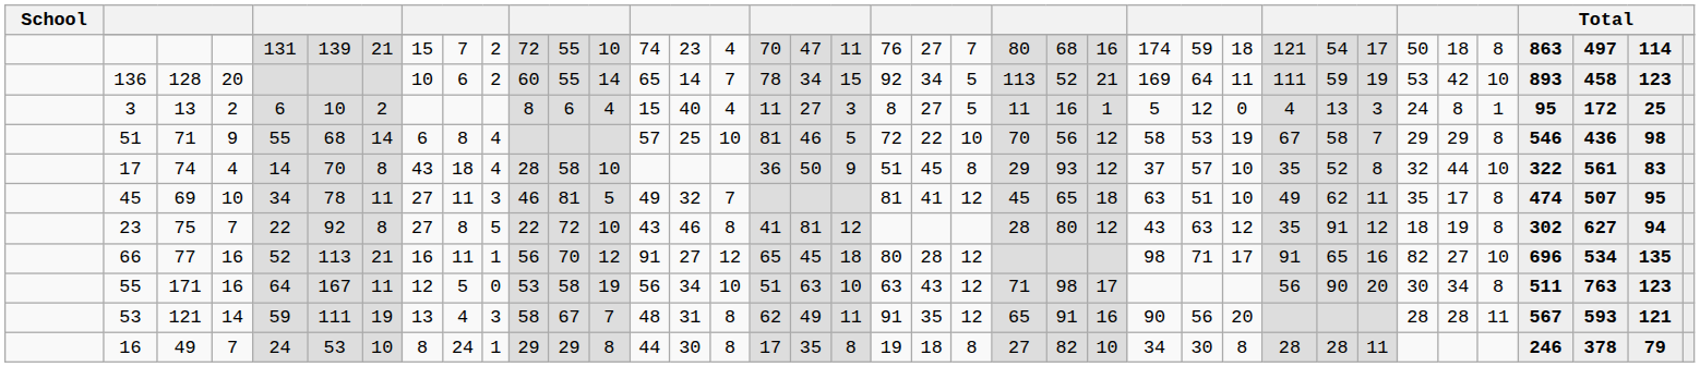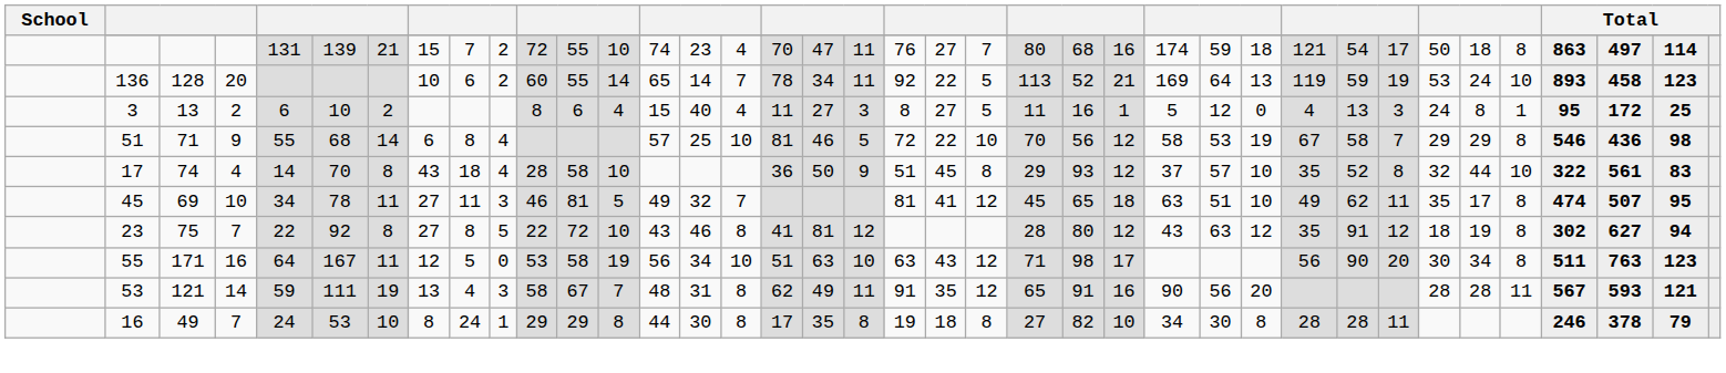 <table class="wikitable sortable" style="text-align:center" width=95%>
 <tr>
 <th rowspan="2">School</th>
 <th colspan="3"><strong><a href='#'></a></strong></th>
 <th colspan="3"><strong><a href='#'></a></strong></th>
 <th colspan="3"><strong><a href='#'></a></strong></th>
 <th colspan="3"><strong><a href='#'></a></strong></th>
 <th colspan="3"><strong><a href='#'></a></strong></th>
 <th colspan="3"><strong><a href='#'></a></strong></th>
 <th colspan="3"><strong><a href='#'></a></strong></th>
 <th colspan="3"><strong><a href='#'></a></strong></th>
 <th colspan="3"><strong><a href='#'></a></strong></th>
 <th colspan="3"><strong><a href='#'></a></strong></th>
 <th colspan="3"><strong><a href='#'></a></strong></th>
 <th colspan="4">Total</th>
 </tr>
 <tr>
 </tr>
 <tr>
 <td align=left><strong><a href='#'></a></strong></td>
 <td></td>
 <td></td>
 <td></td>
 <td bgcolor=dddddd>131</td>
 <td bgcolor=dddddd>139</td>
 <td bgcolor=dddddd>21</td>
 <td>15</td>
 <td>7</td>
 <td>2</td>
 <td bgcolor=dddddd>72</td>
 <td bgcolor=dddddd>55</td>
 <td bgcolor=dddddd>10</td>
 <td>74</td>
 <td>23</td>
 <td>4</td>
 <td bgcolor=dddddd>70</td>
 <td bgcolor=dddddd>47</td>
 <td bgcolor=dddddd>11</td>
 <td>76</td>
 <td>27</td>
 <td>7</td>
 <td bgcolor=dddddd>80</td>
 <td bgcolor=dddddd>68</td>
 <td bgcolor=dddddd>16</td>
 <td>174</td>
 <td>59</td>
 <td>18</td>
 <td bgcolor=dddddd>121</td>
 <td bgcolor=dddddd>54</td>
 <td bgcolor=dddddd>17</td>
 <td>50</td>
 <td>18</td>
 <td>8</td>
 <td bgcolor=eeeeee><strong>863</strong></td>
 <td bgcolor=eeeeee><strong>497</strong></td>
 <td bgcolor=eeeeee><strong>114</strong></td>
 <td bgcolor=eeeeee><strong></strong></td>
 </tr>
 <tr>
 <td align=left><strong><a href='#'></a></strong></td>
 <td>136</td>
 <td>128</td>
 <td>20</td>
 <td bgcolor=dddddd></td>
 <td bgcolor=dddddd></td>
 <td bgcolor=dddddd></td>
 <td>10</td>
 <td>6</td>
 <td>2</td>
 <td bgcolor=dddddd>60</td>
 <td bgcolor=dddddd>55</td>
 <td bgcolor=dddddd>14</td>
 <td>65</td>
 <td>14</td>
 <td>7</td>
 <td bgcolor=dddddd>78</td>
 <td bgcolor=dddddd>34</td>
-<td bgcolor=dddddd>15</td>
+<td bgcolor=dddddd>11</td>
 <td>92</td>
-<td>34</td>
+<td>22</td>
 <td>5</td>
 <td bgcolor=dddddd>113</td>
 <td bgcolor=dddddd>52</td>
 <td bgcolor=dddddd>21</td>
 <td>169</td>
 <td>64</td>
-<td>11</td>
-<td bgcolor=dddddd>111</td>
+<td>13</td>
+<td bgcolor=dddddd>119</td>
 <td bgcolor=dddddd>59</td>
 <td bgcolor=dddddd>19</td>
 <td>53</td>
-<td>42</td>
+<td>24</td>
 <td>10</td>
 <td bgcolor=eeeeee><strong>893</strong></td>
 <td bgcolor=eeeeee><strong>458</strong></td>
 <td bgcolor=eeeeee><strong>123</strong></td>
 <td bgcolor=eeeeee><strong></strong></td>
 </tr>
 <tr>
 <td align=left><strong><a href='#'></a></strong></td>
 <td>3</td>
 <td>13</td>
 <td>2</td>
 <td bgcolor=dddddd>6</td>
 <td bgcolor=dddddd>10</td>
 <td bgcolor=dddddd>2</td>
 <td></td>
 <td></td>
 <td></td>
 <td bgcolor=dddddd>8</td>
 <td bgcolor=dddddd>6</td>
 <td bgcolor=dddddd>4</td>
 <td>15</td>
 <td>40</td>
 <td>4</td>
 <td bgcolor=dddddd>11</td>
 <td bgcolor=dddddd>27</td>
 <td bgcolor=dddddd>3</td>
 <td>8</td>
 <td>27</td>
 <td>5</td>
 <td bgcolor=dddddd>11</td>
 <td bgcolor=dddddd>16</td>
 <td bgcolor=dddddd>1</td>
 <td>5</td>
 <td>12</td>
 <td>0</td>
 <td bgcolor=dddddd>4</td>
 <td bgcolor=dddddd>13</td>
 <td bgcolor=dddddd>3</td>
 <td>24</td>
 <td>8</td>
 <td>1</td>
 <td bgcolor=eeeeee><strong>95</strong></td>
 <td bgcolor=eeeeee><strong>172</strong></td>
 <td bgcolor=eeeeee><strong>25</strong></td>
 <td bgcolor=eeeeee><strong></strong></td>
 </tr>
 <tr>
 <td align=left><strong><a href='#'></a></strong></td>
 <td>51</td>
 <td>71</td>
 <td>9</td>
 <td bgcolor=dddddd>55</td>
 <td bgcolor=dddddd>68</td>
 <td bgcolor=dddddd>14</td>
 <td>6</td>
 <td>8</td>
 <td>4</td>
 <td bgcolor=dddddd></td>
 <td bgcolor=dddddd></td>
 <td bgcolor=dddddd></td>
 <td>57</td>
 <td>25</td>
 <td>10</td>
 <td bgcolor=dddddd>81</td>
 <td bgcolor=dddddd>46</td>
 <td bgcolor=dddddd>5</td>
 <td>72</td>
 <td>22</td>
 <td>10</td>
 <td bgcolor=dddddd>70</td>
 <td bgcolor=dddddd>56</td>
 <td bgcolor=dddddd>12</td>
 <td>58</td>
 <td>53</td>
 <td>19</td>
 <td bgcolor=dddddd>67</td>
 <td bgcolor=dddddd>58</td>
 <td bgcolor=dddddd>7</td>
 <td>29</td>
 <td>29</td>
 <td>8</td>
 <td bgcolor=eeeeee><strong>546</strong></td>
 <td bgcolor=eeeeee><strong>436</strong></td>
 <td bgcolor=eeeeee><strong>98</strong></td>
 <td bgcolor=eeeeee><strong></strong></td>
 </tr>
 <tr>
 <td align=left><strong><a href='#'></a></strong></td>
 <td>17</td>
 <td>74</td>
 <td>4</td>
 <td bgcolor=dddddd>14</td>
 <td bgcolor=dddddd>70</td>
 <td bgcolor=dddddd>8</td>
 <td>43</td>
 <td>18</td>
 <td>4</td>
 <td bgcolor=dddddd>28</td>
 <td bgcolor=dddddd>58</td>
 <td bgcolor=dddddd>10</td>
 <td></td>
 <td></td>
 <td></td>
 <td bgcolor=dddddd>36</td>
 <td bgcolor=dddddd>50</td>
 <td bgcolor=dddddd>9</td>
 <td>51</td>
 <td>45</td>
 <td>8</td>
 <td bgcolor=dddddd>29</td>
 <td bgcolor=dddddd>93</td>
 <td bgcolor=dddddd>12</td>
 <td>37</td>
 <td>57</td>
 <td>10</td>
 <td bgcolor=dddddd>35</td>
 <td bgcolor=dddddd>52</td>
 <td bgcolor=dddddd>8</td>
 <td>32</td>
 <td>44</td>
 <td>10</td>
 <td bgcolor=eeeeee><strong>322</strong></td>
 <td bgcolor=eeeeee><strong>561</strong></td>
 <td bgcolor=eeeeee><strong>83</strong></td>
 <td bgcolor=eeeeee><strong></strong></td>
 </tr>
 <tr>
 <td align=left><strong><a href='#'></a></strong></td>
 <td>45</td>
 <td>69</td>
 <td>10</td>
 <td bgcolor=dddddd>34</td>
 <td bgcolor=dddddd>78</td>
 <td bgcolor=dddddd>11</td>
 <td>27</td>
 <td>11</td>
 <td>3</td>
 <td bgcolor=dddddd>46</td>
 <td bgcolor=dddddd>81</td>
 <td bgcolor=dddddd>5</td>
 <td>49</td>
 <td>32</td>
 <td>7</td>
 <td bgcolor=dddddd></td>
 <td bgcolor=dddddd></td>
 <td bgcolor=dddddd></td>
 <td>81</td>
 <td>41</td>
 <td>12</td>
 <td bgcolor=dddddd>45</td>
 <td bgcolor=dddddd>65</td>
 <td bgcolor=dddddd>18</td>
 <td>63</td>
 <td>51</td>
 <td>10</td>
 <td bgcolor=dddddd>49</td>
 <td bgcolor=dddddd>62</td>
 <td bgcolor=dddddd>11</td>
 <td>35</td>
 <td>17</td>
 <td>8</td>
 <td bgcolor=eeeeee><strong>474</strong></td>
 <td bgcolor=eeeeee><strong>507</strong></td>
 <td bgcolor=eeeeee><strong>95</strong></td>
 <td bgcolor=eeeeee><strong></strong></td>
 </tr>
 <tr>
 <td align=left><strong><a href='#'></a></strong></td>
 <td>23</td>
 <td>75</td>
 <td>7</td>
 <td bgcolor=dddddd>22</td>
 <td bgcolor=dddddd>92</td>
 <td bgcolor=dddddd>8</td>
 <td>27</td>
 <td>8</td>
 <td>5</td>
 <td bgcolor=dddddd>22</td>
 <td bgcolor=dddddd>72</td>
 <td bgcolor=dddddd>10</td>
 <td>43</td>
 <td>46</td>
 <td>8</td>
 <td bgcolor=dddddd>41</td>
 <td bgcolor=dddddd>81</td>
 <td bgcolor=dddddd>12</td>
 <td></td>
 <td></td>
 <td></td>
 <td bgcolor=dddddd>28</td>
 <td bgcolor=dddddd>80</td>
 <td bgcolor=dddddd>12</td>
 <td>43</td>
 <td>63</td>
 <td>12</td>
 <td bgcolor=dddddd>35</td>
 <td bgcolor=dddddd>91</td>
 <td bgcolor=dddddd>12</td>
 <td>18</td>
 <td>19</td>
 <td>8</td>
 <td bgcolor=eeeeee><strong>302</strong></td>
 <td bgcolor=eeeeee><strong>627</strong></td>
 <td bgcolor=eeeeee><strong>94</strong></td>
 <td bgcolor=eeeeee><strong></strong></td>
 </tr>
 <tr>
 <td align=left><strong><a href='#'></a></strong></td>
-<td>66</td>
-<td>77</td>
-<td>16</td>
-<td bgcolor=dddddd>52</td>
-<td bgcolor=dddddd>113</td>
-<td bgcolor=dddddd>21</td>
-<td>16</td>
-<td>11</td>
-<td>1</td>
-<td bgcolor=dddddd>56</td>
-<td bgcolor=dddddd>70</td>
-<td bgcolor=dddddd>12</td>
-<td>91</td>
-<td>27</td>
-<td>12</td>
-<td bgcolor=dddddd>65</td>
-<td bgcolor=dddddd>45</td>
-<td bgcolor=dddddd>18</td>
-<td>80</td>
-<td>28</td>
-<td>12</td>
-<td bgcolor=dddddd></td>
-<td bgcolor=dddddd></td>
-<td bgcolor=dddddd></td>
-<td>98</td>
-<td>71</td>
-<td>17</td>
-<td bgcolor=dddddd>91</td>
-<td bgcolor=dddddd>65</td>
-<td bgcolor=dddddd>16</td>
-<td>82</td>
-<td>27</td>
-<td>10</td>
-<td bgcolor=eeeeee><strong>696</strong></td>
-<td bgcolor=eeeeee><strong>534</strong></td>
-<td bgcolor=eeeeee><strong>135</strong></td>
-<td bgcolor=eeeeee><strong></strong></td>
-</tr>
-<tr>
-<td align=left><strong><a href='#'></a></strong></td>
 <td>55</td>
 <td>171</td>
 <td>16</td>
 <td bgcolor=dddddd>64</td>
 <td bgcolor=dddddd>167</td>
 <td bgcolor=dddddd>11</td>
 <td>12</td>
 <td>5</td>
 <td>0</td>
 <td bgcolor=dddddd>53</td>
 <td bgcolor=dddddd>58</td>
 <td bgcolor=dddddd>19</td>
 <td>56</td>
 <td>34</td>
 <td>10</td>
 <td bgcolor=dddddd>51</td>
 <td bgcolor=dddddd>63</td>
 <td bgcolor=dddddd>10</td>
 <td>63</td>
 <td>43</td>
 <td>12</td>
 <td bgcolor=dddddd>71</td>
 <td bgcolor=dddddd>98</td>
 <td bgcolor=dddddd>17</td>
 <td></td>
 <td></td>
 <td></td>
 <td bgcolor=dddddd>56</td>
 <td bgcolor=dddddd>90</td>
 <td bgcolor=dddddd>20</td>
 <td>30</td>
 <td>34</td>
 <td>8</td>
 <td bgcolor=eeeeee><strong>511</strong></td>
 <td bgcolor=eeeeee><strong>763</strong></td>
 <td bgcolor=eeeeee><strong>123</strong></td>
 <td bgcolor=eeeeee><strong></strong></td>
 </tr>
 <tr>
 <td align=left><strong><a href='#'></a></strong></td>
 <td>53</td>
 <td>121</td>
 <td>14</td>
 <td bgcolor=dddddd>59</td>
 <td bgcolor=dddddd>111</td>
 <td bgcolor=dddddd>19</td>
 <td>13</td>
 <td>4</td>
 <td>3</td>
 <td bgcolor=dddddd>58</td>
 <td bgcolor=dddddd>67</td>
 <td bgcolor=dddddd>7</td>
 <td>48</td>
 <td>31</td>
 <td>8</td>
 <td bgcolor=dddddd>62</td>
 <td bgcolor=dddddd>49</td>
 <td bgcolor=dddddd>11</td>
 <td>91</td>
 <td>35</td>
 <td>12</td>
 <td bgcolor=dddddd>65</td>
 <td bgcolor=dddddd>91</td>
 <td bgcolor=dddddd>16</td>
 <td>90</td>
 <td>56</td>
 <td>20</td>
 <td bgcolor=dddddd></td>
 <td bgcolor=dddddd></td>
 <td bgcolor=dddddd></td>
 <td>28</td>
 <td>28</td>
 <td>11</td>
 <td bgcolor=eeeeee><strong>567</strong></td>
 <td bgcolor=eeeeee><strong>593</strong></td>
 <td bgcolor=eeeeee><strong>121</strong></td>
 <td bgcolor=eeeeee><strong></strong></td>
 </tr>
 <tr>
 <td align=left><strong><a href='#'></a></strong></td>
 <td>16</td>
 <td>49</td>
 <td>7</td>
 <td bgcolor=dddddd>24</td>
 <td bgcolor=dddddd>53</td>
 <td bgcolor=dddddd>10</td>
 <td>8</td>
 <td>24</td>
 <td>1</td>
 <td bgcolor=dddddd>29</td>
 <td bgcolor=dddddd>29</td>
 <td bgcolor=dddddd>8</td>
 <td>44</td>
 <td>30</td>
 <td>8</td>
 <td bgcolor=dddddd>17</td>
 <td bgcolor=dddddd>35</td>
 <td bgcolor=dddddd>8</td>
 <td>19</td>
 <td>18</td>
 <td>8</td>
 <td bgcolor=dddddd>27</td>
 <td bgcolor=dddddd>82</td>
 <td bgcolor=dddddd>10</td>
 <td>34</td>
 <td>30</td>
 <td>8</td>
 <td bgcolor=dddddd>28</td>
 <td bgcolor=dddddd>28</td>
 <td bgcolor=dddddd>11</td>
 <td></td>
 <td></td>
 <td></td>
 <td bgcolor=eeeeee><strong>246</strong></td>
 <td bgcolor=eeeeee><strong>378</strong></td>
 <td bgcolor=eeeeee><strong>79</strong></td>
 <td bgcolor=eeeeee><strong></strong></td>
 </tr>
 </table>
